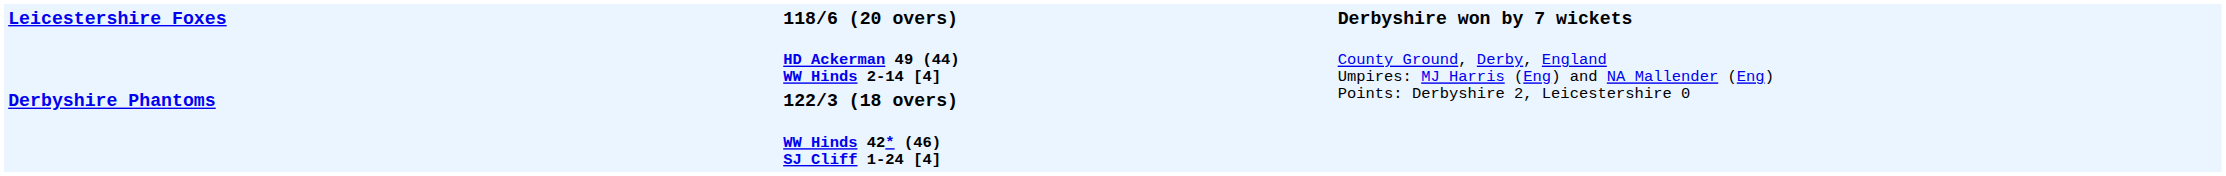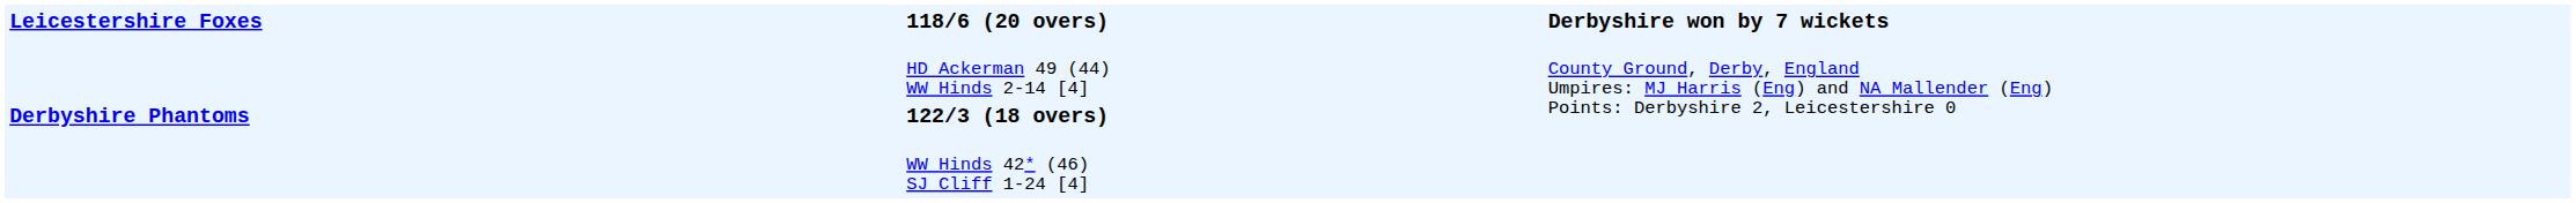 <table style="width:100%; background:#ebf5ff;">
 <tr>
 <td style="width:35%; vertical-align:top;" rowspan="2"><strong><a href='#'>Leicestershire Foxes</a></strong></td>
 <td style="width:25%;"><strong>118/6 (20 overs)</strong></td>
 <td style="width:40%;"><strong>Derbyshire won by 7 wickets </strong></td>
 </tr>
 <tr>
-<td style="font-size: 85%;"><strong><br><a href='#'>HD Ackerman</a> 49 (44)<br> <a href='#'>WW Hinds</a> 2-14 [4]</strong></td>
+<td style="font-size: 85%;"><br><a href='#'>HD Ackerman</a> 49 (44)<br> <a href='#'>WW Hinds</a> 2-14 [4]</td>
 <td style="vertical-align:top; font-size:85%;" rowspan="3"><br><a href='#'>County Ground</a>, <a href='#'>Derby</a>, <a href='#'>England</a><br> Umpires: <a href='#'>MJ Harris</a> (<a href='#'>Eng</a>) and <a href='#'>NA Mallender</a> (<a href='#'>Eng</a>)<br> Points: Derbyshire 2, Leicestershire 0</td>
 </tr>
 <tr>
 <td style="vertical-align:top;" rowspan="2"><strong><a href='#'>Derbyshire Phantoms</a></strong></td>
 <td><strong>122/3 (18 overs)</strong></td>
 </tr>
 <tr>
-<td style="font-size: 85%;"><strong><br><a href='#'>WW Hinds</a> 42<a href='#'>*</a> (46)<br> <a href='#'>SJ Cliff</a> 1-24 [4]</strong></td>
+<td style="font-size: 85%;"><br><a href='#'>WW Hinds</a> 42<a href='#'>*</a> (46)<br> <a href='#'>SJ Cliff</a> 1-24 [4]</td>
 </tr>
 </table>
